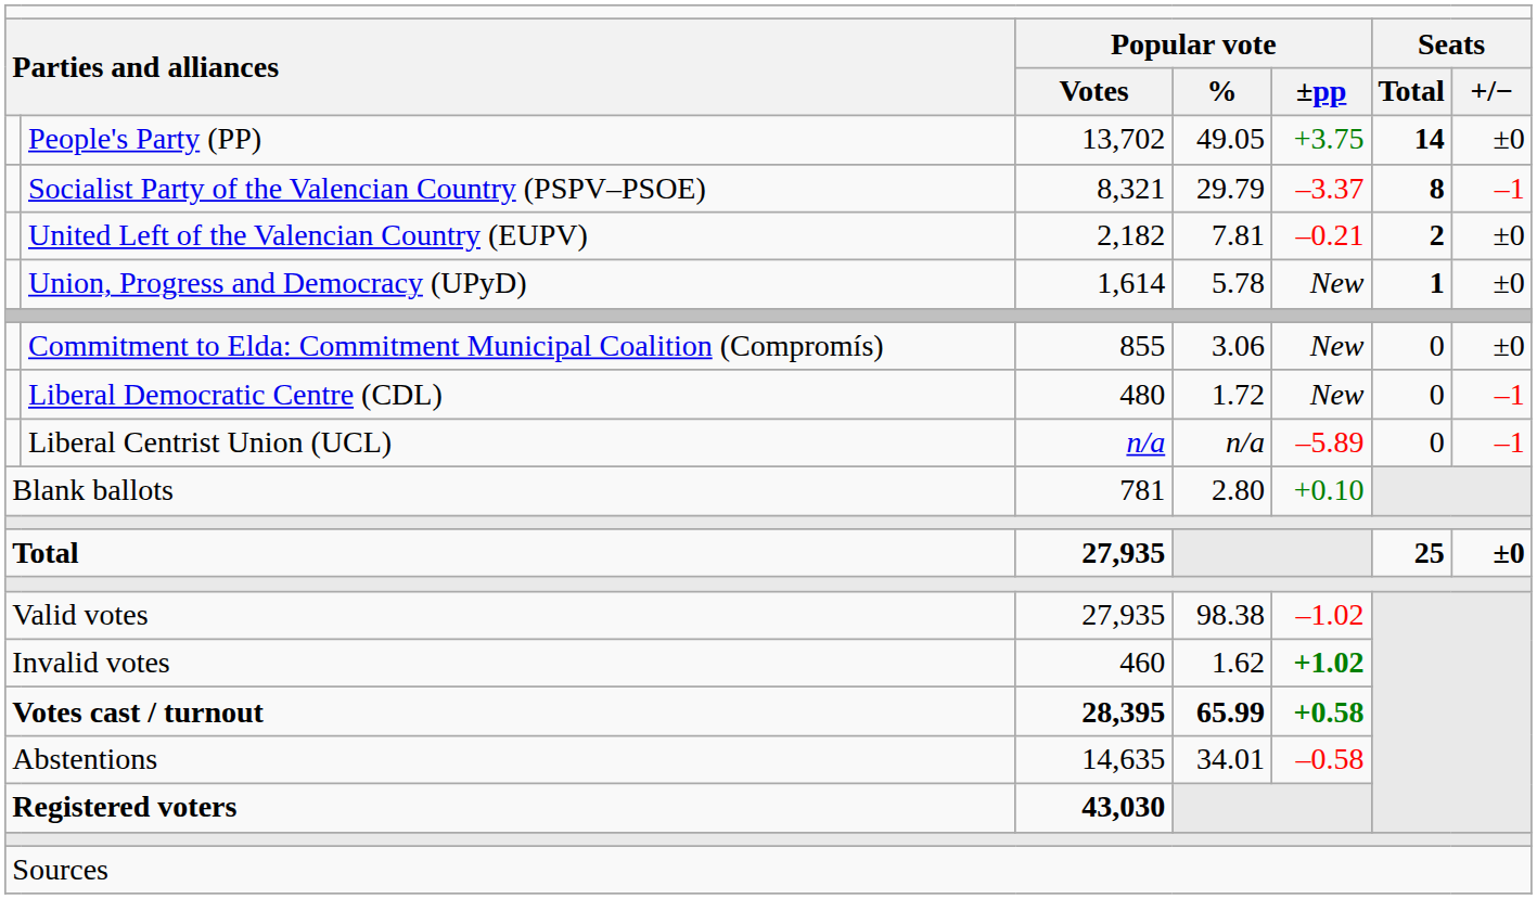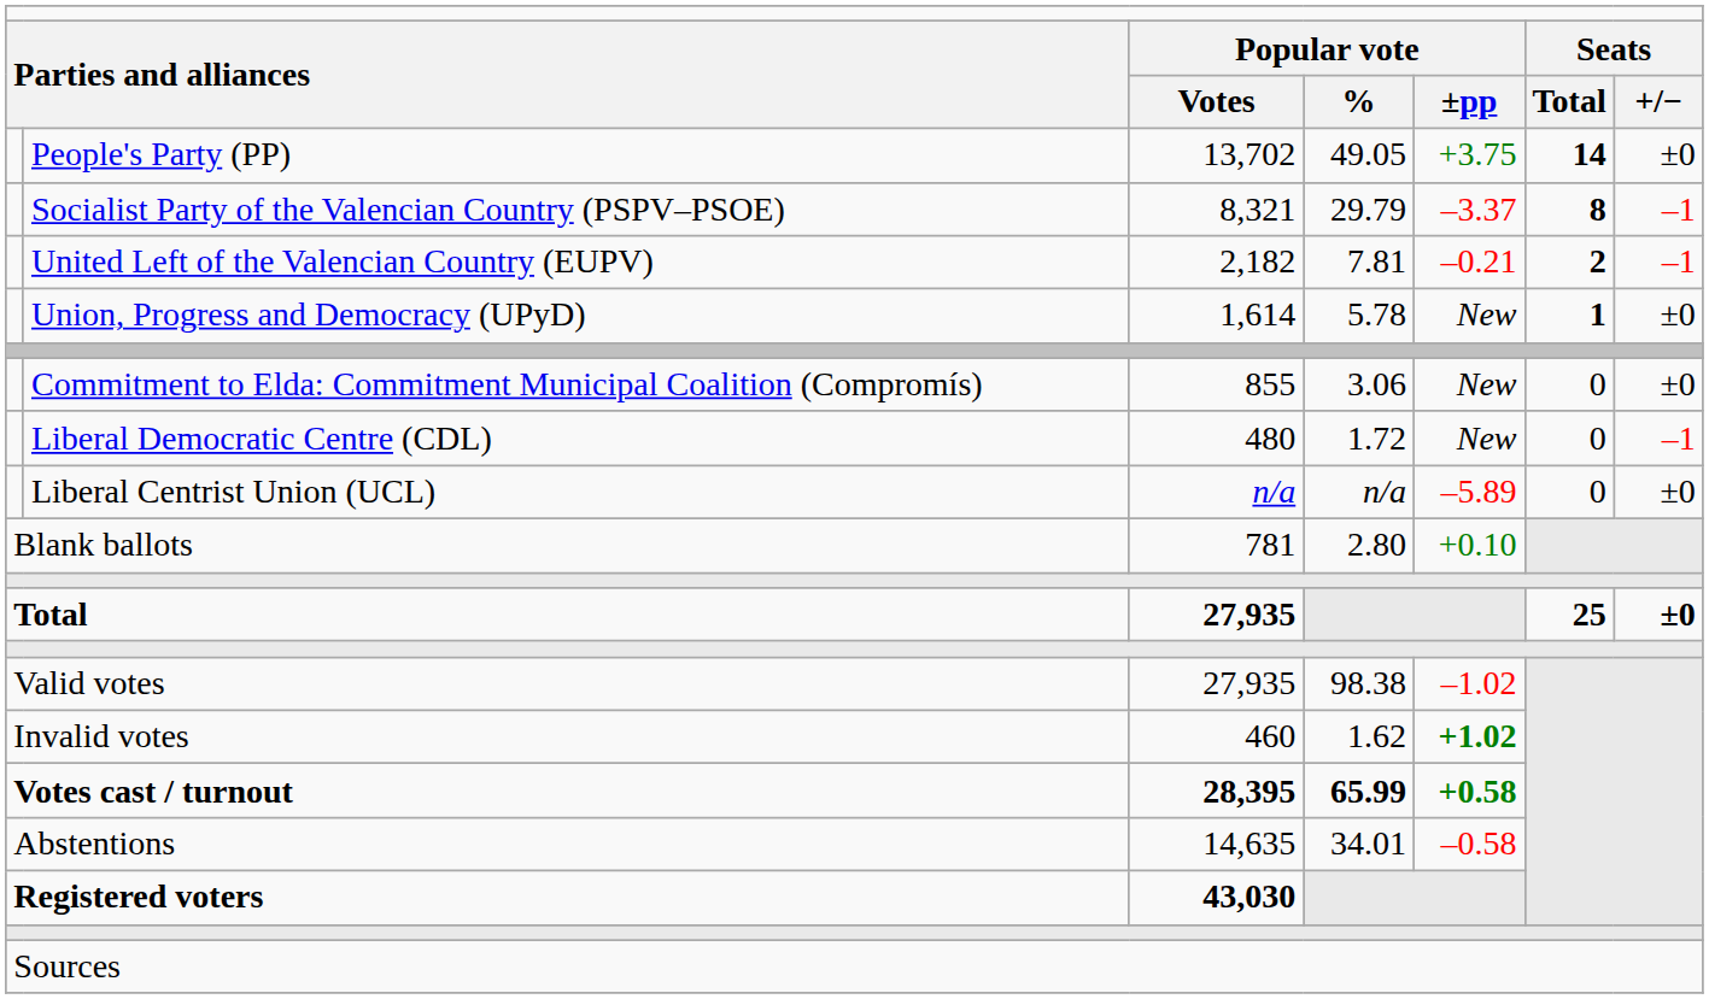 <table class="wikitable" style="text-align:right;">
 <tr>
 <td colspan="7"></td>
 </tr>
 <tr>
 <th style="text-align:left;" rowspan="2" colspan="2" width="525">Parties and alliances</th>
 <th colspan="3">Popular vote</th>
 <th colspan="2">Seats</th>
 </tr>
 <tr>
 <th width="75">Votes</th>
 <th width="45">%</th>
 <th width="45">±<a href='#'>pp</a></th>
 <th width="35">Total</th>
 <th width="35">+/−</th>
 </tr>
 <tr>
 <td width="1" style="color:inherit;background:"></td>
 <td align="left"><a href='#'>People's Party</a> (PP)</td>
 <td>13,702</td>
 <td>49.05</td>
 <td style="color:green;">+3.75</td>
 <td><strong>14</strong></td>
 <td>±0</td>
 </tr>
 <tr>
 <td style="color:inherit;background:"></td>
 <td align="left"><a href='#'>Socialist Party of the Valencian Country</a> (PSPV–PSOE)</td>
 <td>8,321</td>
 <td>29.79</td>
 <td style="color:red;">–3.37</td>
 <td><strong>8</strong></td>
 <td style="color:red;">–1</td>
 </tr>
 <tr>
 <td style="color:inherit;background:"></td>
 <td align="left"><a href='#'>United Left of the Valencian Country</a> (EUPV)</td>
 <td>2,182</td>
 <td>7.81</td>
 <td style="color:red;">–0.21</td>
 <td><strong>2</strong></td>
-<td>±0</td>
+<td style="color:red;">–1</td>
 </tr>
 <tr>
 <td style="color:inherit;background:"></td>
 <td align="left"><a href='#'>Union, Progress and Democracy</a> (UPyD)</td>
 <td>1,614</td>
 <td>5.78</td>
 <td><em>New</em></td>
 <td><strong>1</strong></td>
 <td>±0</td>
 </tr>
 <tr>
 <td colspan="7" bgcolor="#C0C0C0"></td>
 </tr>
 <tr>
 <td style="color:inherit;background:"></td>
 <td align="left"><a href='#'>Commitment to Elda: Commitment Municipal Coalition</a> (Compromís)</td>
 <td>855</td>
 <td>3.06</td>
 <td><em>New</em></td>
 <td>0</td>
 <td>±0</td>
 </tr>
 <tr>
 <td style="color:inherit;background:"></td>
 <td align="left"><a href='#'>Liberal Democratic Centre</a> (CDL)</td>
 <td>480</td>
 <td>1.72</td>
 <td><em>New</em></td>
 <td>0</td>
 <td style="color:red;">–1</td>
 </tr>
 <tr>
 <td style="color:inherit;background:"></td>
 <td align="left">Liberal Centrist Union (UCL)</td>
 <td><em><a href='#'>n/a</a></em></td>
 <td><em>n/a</em></td>
 <td style="color:red;">–5.89</td>
 <td>0</td>
-<td style="color:red;">–1</td>
+<td>±0</td>
 </tr>
 <tr>
 <td align="left" colspan="2">Blank ballots</td>
 <td>781</td>
 <td>2.80</td>
 <td style="color:green;">+0.10</td>
 <td bgcolor="#E9E9E9" colspan="2"></td>
 </tr>
 <tr>
 <td colspan="7" bgcolor="#E9E9E9"></td>
 </tr>
 <tr style="font-weight:bold;">
 <td align="left" colspan="2">Total</td>
 <td>27,935</td>
 <td bgcolor="#E9E9E9" colspan="2"></td>
 <td>25</td>
 <td>±0</td>
 </tr>
 <tr>
 <td colspan="7" bgcolor="#E9E9E9"></td>
 </tr>
 <tr>
 <td align="left" colspan="2">Valid votes</td>
 <td>27,935</td>
 <td>98.38</td>
 <td style="color:red;">–1.02</td>
 <td bgcolor="#E9E9E9" colspan="2" rowspan="5"></td>
 </tr>
 <tr>
 <td align="left" colspan="2">Invalid votes</td>
 <td>460</td>
 <td>1.62</td>
 <td style="color:green;"><strong>+1.02</strong></td>
 </tr>
 <tr style="font-weight:bold;">
 <td align="left" colspan="2">Votes cast / turnout</td>
 <td>28,395</td>
 <td>65.99</td>
 <td style="color:green;">+0.58</td>
 </tr>
 <tr>
 <td align="left" colspan="2">Abstentions</td>
 <td>14,635</td>
 <td>34.01</td>
 <td style="color:red;">–0.58</td>
 </tr>
 <tr style="font-weight:bold;">
 <td align="left" colspan="2">Registered voters</td>
 <td>43,030</td>
 <td bgcolor="#E9E9E9" colspan="2"></td>
 </tr>
 <tr>
 <td colspan="7" bgcolor="#E9E9E9"></td>
 </tr>
 <tr>
 <td align="left" colspan="7">Sources</td>
 </tr>
 </table>
